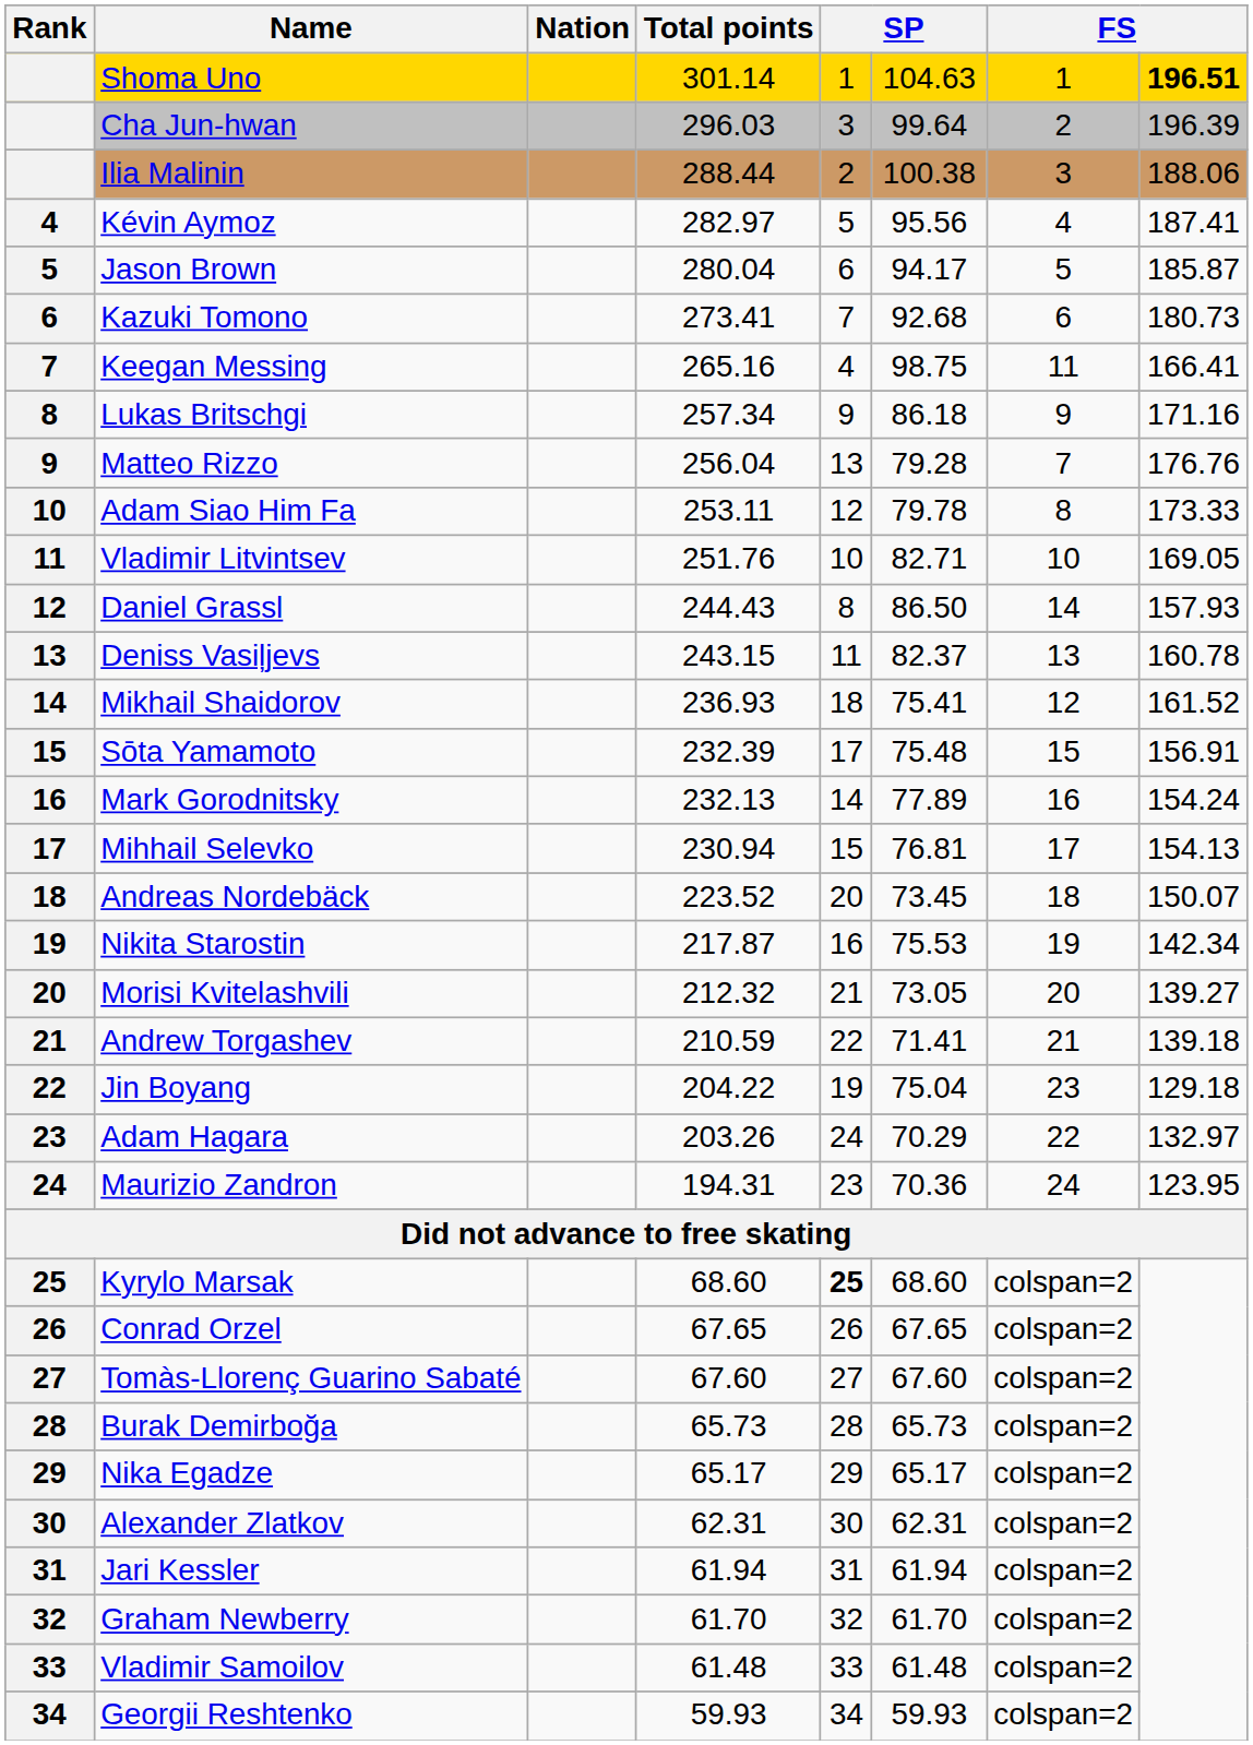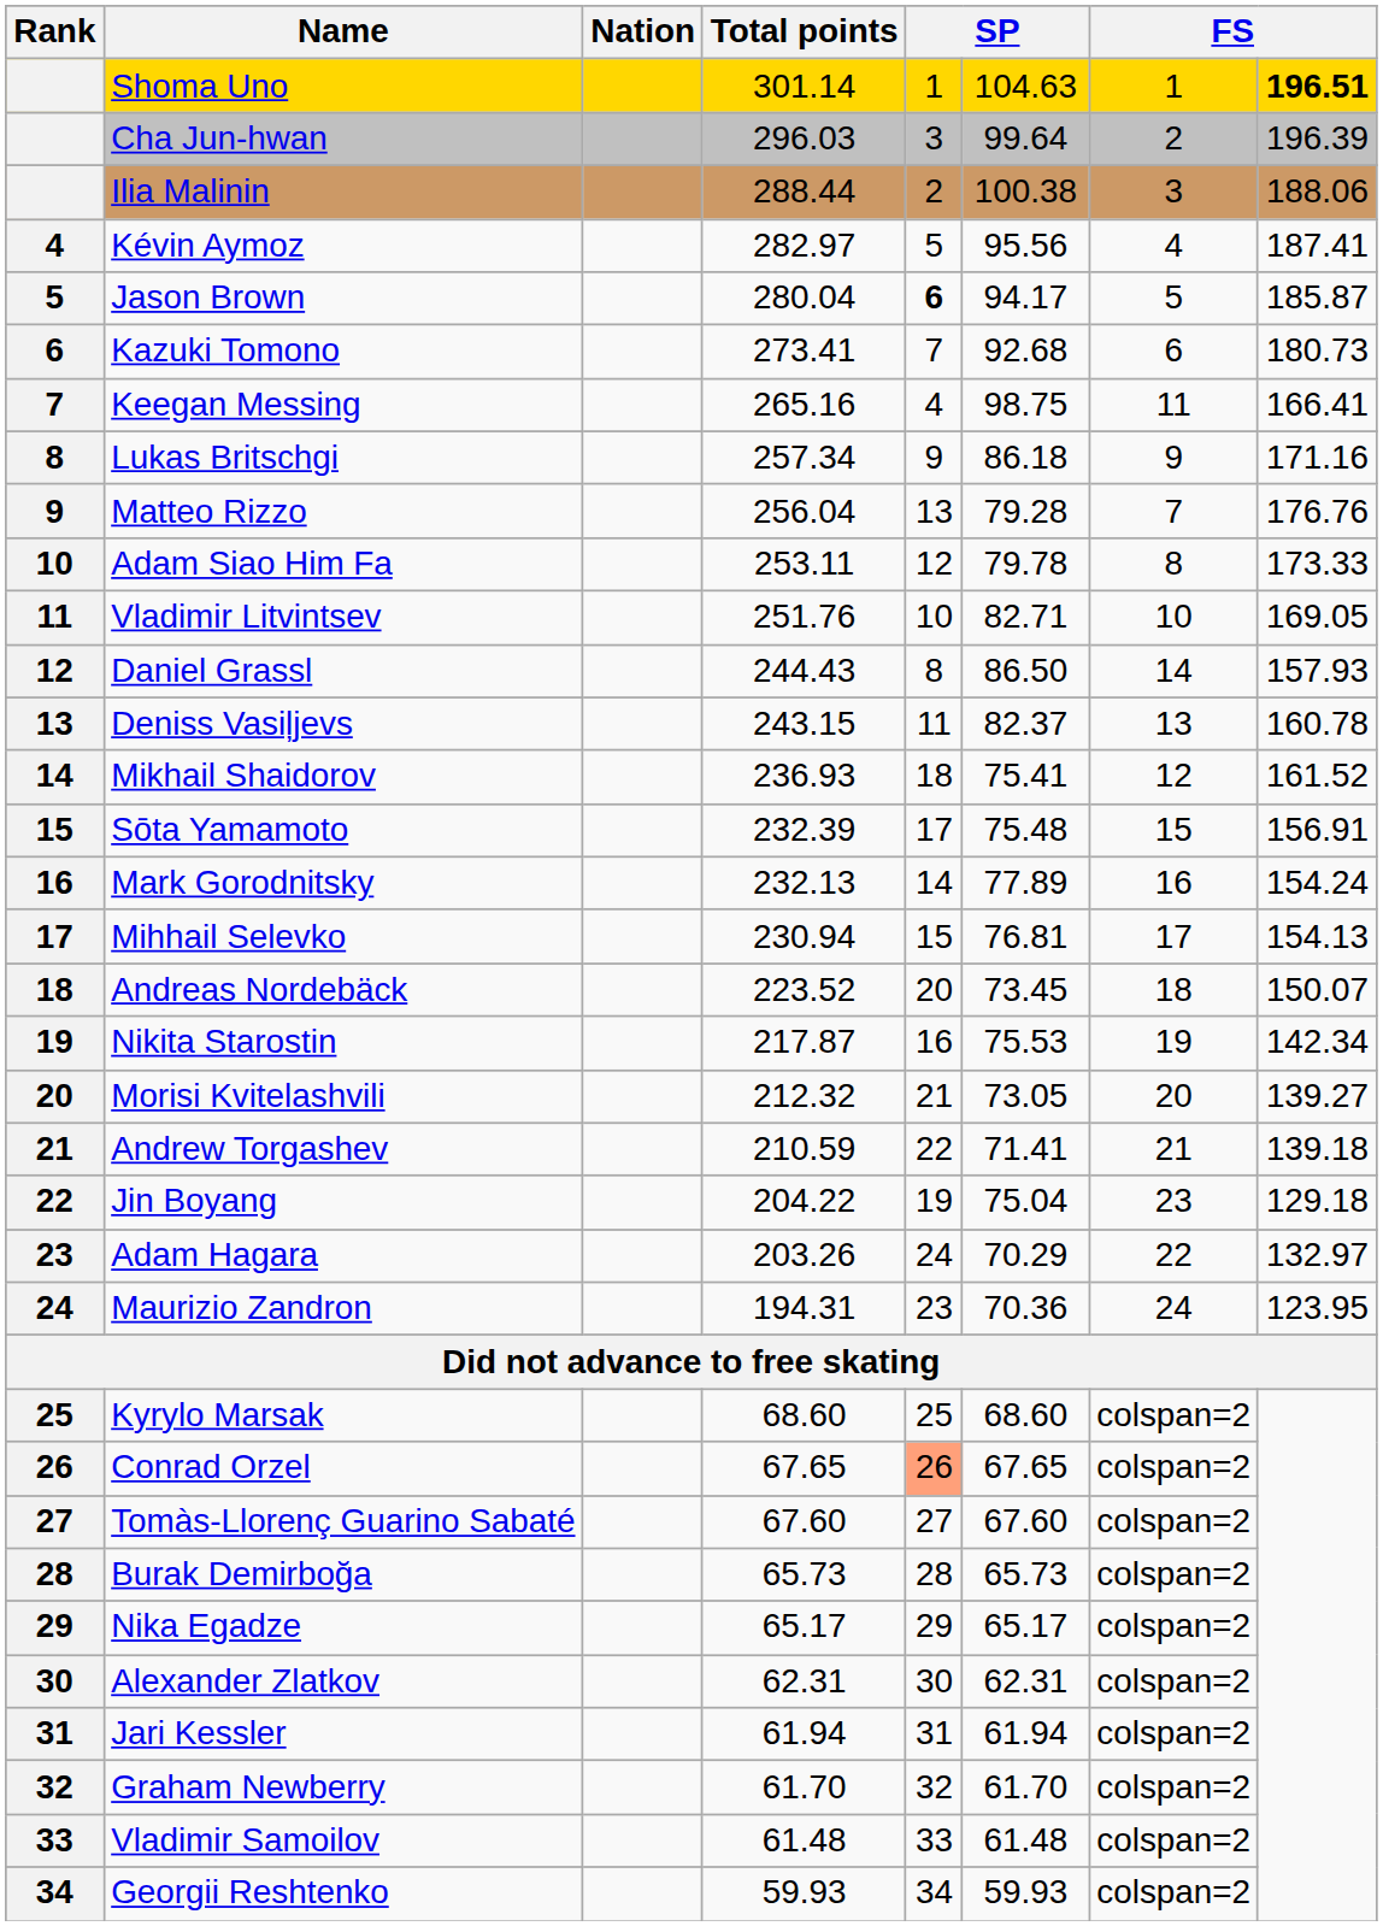 <table class="wikitable sortable" style="text-align:center">
 <tr>
 <th scope="col">Rank</th>
 <th scope="col">Name</th>
 <th scope="col">Nation</th>
 <th scope="col">Total points</th>
 <th colspan="2" width="80px"><a href='#'>SP</a></th>
 <th colspan="2" width="80px"><a href='#'>FS</a></th>
 </tr>
 <tr bgcolor="gold">
 <th scope="row"></th>
 <td style="text-align:left"><a href='#'>Shoma Uno</a></td>
 <td style="text-align:left"></td>
 <td align="center">301.14</td>
 <td align="center">1</td>
 <td align="center">104.63</td>
 <td align="center">1</td>
 <td align="center"><strong>196.51</strong></td>
 </tr>
 <tr bgcolor="silver">
 <th scope="row"></th>
 <td style="text-align:left"><a href='#'>Cha Jun-hwan</a></td>
 <td style="text-align:left"></td>
 <td align="center">296.03</td>
 <td align="center">3</td>
 <td align="center">99.64</td>
 <td align="center">2</td>
 <td align="center">196.39</td>
 </tr>
 <tr bgcolor="#cc9966">
 <th scope="row"></th>
 <td style="text-align:left"><a href='#'>Ilia Malinin</a></td>
 <td style="text-align:left"></td>
 <td align="center">288.44</td>
 <td align="center">2</td>
 <td align="center">100.38</td>
 <td align="center">3</td>
 <td align="center">188.06</td>
 </tr>
 <tr>
 <th scope="row">4</th>
 <td style="text-align:left"><a href='#'>Kévin Aymoz</a></td>
 <td style="text-align:left"></td>
 <td align="center">282.97</td>
 <td align="center">5</td>
 <td align="center">95.56</td>
 <td align="center">4</td>
 <td align="center">187.41</td>
 </tr>
 <tr>
 <th scope="row">5</th>
 <td style="text-align:left"><a href='#'>Jason Brown</a></td>
 <td style="text-align:left"></td>
 <td align="center">280.04</td>
-<td align="center">6</td>
+<td align="center"><strong>6</strong></td>
 <td align="center">94.17</td>
 <td align="center">5</td>
 <td align="center">185.87</td>
 </tr>
 <tr>
 <th scope="row">6</th>
 <td style="text-align:left"><a href='#'>Kazuki Tomono</a></td>
 <td style="text-align:left"></td>
 <td align="center">273.41</td>
 <td align="center">7</td>
 <td align="center">92.68</td>
 <td align="center">6</td>
 <td align="center">180.73</td>
 </tr>
 <tr>
 <th scope="row">7</th>
 <td style="text-align:left"><a href='#'>Keegan Messing</a></td>
 <td style="text-align:left"></td>
 <td align="center">265.16</td>
 <td align="center">4</td>
 <td align="center">98.75</td>
 <td align="center">11</td>
 <td align="center">166.41</td>
 </tr>
 <tr>
 <th scope="row">8</th>
 <td style="text-align:left"><a href='#'>Lukas Britschgi</a></td>
 <td style="text-align:left"></td>
 <td align="center">257.34</td>
 <td align="center">9</td>
 <td align="center">86.18</td>
 <td align="center">9</td>
 <td align="center">171.16</td>
 </tr>
 <tr>
 <th scope="row">9</th>
 <td style="text-align:left"><a href='#'>Matteo Rizzo</a></td>
 <td style="text-align:left"></td>
 <td align="center">256.04</td>
 <td align="center">13</td>
 <td align="center">79.28</td>
 <td align="center">7</td>
 <td align="center">176.76</td>
 </tr>
 <tr>
 <th scope="row">10</th>
 <td style="text-align:left"><a href='#'>Adam Siao Him Fa</a></td>
 <td style="text-align:left"></td>
 <td align="center">253.11</td>
 <td align="center">12</td>
 <td align="center">79.78</td>
 <td align="center">8</td>
 <td align="center">173.33</td>
 </tr>
 <tr>
 <th scope="row">11</th>
 <td style="text-align:left"><a href='#'>Vladimir Litvintsev</a></td>
 <td style="text-align:left"></td>
 <td align="center">251.76</td>
 <td align="center">10</td>
 <td align="center">82.71</td>
 <td align="center">10</td>
 <td align="center">169.05</td>
 </tr>
 <tr>
 <th scope="row">12</th>
 <td style="text-align:left"><a href='#'>Daniel Grassl</a></td>
 <td style="text-align:left"></td>
 <td align="center">244.43</td>
 <td align="center">8</td>
 <td align="center">86.50</td>
 <td align="center">14</td>
 <td align="center">157.93</td>
 </tr>
 <tr>
 <th scope="row">13</th>
 <td style="text-align:left"><a href='#'>Deniss Vasiļjevs</a></td>
 <td style="text-align:left"></td>
 <td align="center">243.15</td>
 <td align="center">11</td>
 <td align="center">82.37</td>
 <td align="center">13</td>
 <td align="center">160.78</td>
 </tr>
 <tr>
 <th scope="row">14</th>
 <td style="text-align:left"><a href='#'>Mikhail Shaidorov</a></td>
 <td style="text-align:left"></td>
 <td align="center">236.93</td>
 <td align="center">18</td>
 <td align="center">75.41</td>
 <td align="center">12</td>
 <td align="center">161.52</td>
 </tr>
 <tr>
 <th scope="row">15</th>
 <td style="text-align:left"><a href='#'>Sōta Yamamoto</a></td>
 <td style="text-align:left"></td>
 <td align="center">232.39</td>
 <td align="center">17</td>
 <td align="center">75.48</td>
 <td align="center">15</td>
 <td align="center">156.91</td>
 </tr>
 <tr>
 <th scope="row">16</th>
 <td style="text-align:left"><a href='#'>Mark Gorodnitsky</a></td>
 <td style="text-align:left"></td>
 <td align="center">232.13</td>
 <td align="center">14</td>
 <td align="center">77.89</td>
 <td align="center">16</td>
 <td align="center">154.24</td>
 </tr>
 <tr>
 <th scope="row">17</th>
 <td style="text-align:left"><a href='#'>Mihhail Selevko</a></td>
 <td style="text-align:left"></td>
 <td align="center">230.94</td>
 <td align="center">15</td>
 <td align="center">76.81</td>
 <td align="center">17</td>
 <td align="center">154.13</td>
 </tr>
 <tr>
 <th scope="row">18</th>
 <td style="text-align:left"><a href='#'>Andreas Nordebäck</a></td>
 <td style="text-align:left"></td>
 <td align="center">223.52</td>
 <td align="center">20</td>
 <td align="center">73.45</td>
 <td align="center">18</td>
 <td align="center">150.07</td>
 </tr>
 <tr>
 <th scope="row">19</th>
 <td style="text-align:left"><a href='#'>Nikita Starostin</a></td>
 <td style="text-align:left"></td>
 <td align="center">217.87</td>
 <td align="center">16</td>
 <td align="center">75.53</td>
 <td align="center">19</td>
 <td align="center">142.34</td>
 </tr>
 <tr>
 <th scope="row">20</th>
 <td style="text-align:left"><a href='#'>Morisi Kvitelashvili</a></td>
 <td style="text-align:left"></td>
 <td align="center">212.32</td>
 <td align="center">21</td>
 <td align="center">73.05</td>
 <td align="center">20</td>
 <td align="center">139.27</td>
 </tr>
 <tr>
 <th scope="row">21</th>
 <td style="text-align:left"><a href='#'>Andrew Torgashev</a></td>
 <td style="text-align:left"></td>
 <td align="center">210.59</td>
 <td align="center">22</td>
 <td align="center">71.41</td>
 <td align="center">21</td>
 <td align="center">139.18</td>
 </tr>
 <tr>
 <th scope="row">22</th>
 <td style="text-align:left"><a href='#'>Jin Boyang</a></td>
 <td style="text-align:left"></td>
 <td align="center">204.22</td>
 <td align="center">19</td>
 <td align="center">75.04</td>
 <td align="center">23</td>
 <td align="center">129.18</td>
 </tr>
 <tr>
 <th scope="row">23</th>
 <td style="text-align:left"><a href='#'>Adam Hagara</a></td>
 <td style="text-align:left"></td>
 <td align="center">203.26</td>
 <td align="center">24</td>
 <td align="center">70.29</td>
 <td align="center">22</td>
 <td align="center">132.97</td>
 </tr>
 <tr>
 <th scope="row">24</th>
 <td style="text-align:left"><a href='#'>Maurizio Zandron</a></td>
 <td style="text-align:left"></td>
 <td align="center">194.31</td>
 <td align="center">23</td>
 <td align="center">70.36</td>
 <td align="center">24</td>
 <td align="center">123.95</td>
 </tr>
 <tr>
 <th colspan=8>Did not advance to free skating</th>
 </tr>
 <tr>
 <th scope="row">25</th>
 <td style="text-align:left"><a href='#'>Kyrylo Marsak</a></td>
 <td style="text-align:left"></td>
 <td align="center">68.60</td>
-<td align="center"><strong>25</strong></td>
+<td align="center">25</td>
 <td align="center">68.60</td>
 <td>colspan=2 </td>
 </tr>
 <tr>
 <th scope="row">26</th>
 <td style="text-align:left"><a href='#'>Conrad Orzel</a></td>
 <td style="text-align:left"></td>
 <td align="center">67.65</td>
-<td align="center">26</td>
+<td align="center" style="background: lightsalmon;">26</td>
 <td align="center">67.65</td>
 <td>colspan=2 </td>
 </tr>
 <tr>
 <th scope="row">27</th>
 <td style="text-align:left"><a href='#'>Tomàs-Llorenç Guarino Sabaté</a></td>
 <td style="text-align:left"></td>
 <td align="center">67.60</td>
 <td align="center">27</td>
 <td align="center">67.60</td>
 <td>colspan=2 </td>
 </tr>
 <tr>
 <th scope="row">28</th>
 <td style="text-align:left"><a href='#'>Burak Demirboğa</a></td>
 <td style="text-align:left"></td>
 <td align="center">65.73</td>
 <td align="center">28</td>
 <td align="center">65.73</td>
 <td>colspan=2 </td>
 </tr>
 <tr>
 <th scope="row">29</th>
 <td style="text-align:left"><a href='#'>Nika Egadze</a></td>
 <td style="text-align:left"></td>
 <td align="center">65.17</td>
 <td align="center">29</td>
 <td align="center">65.17</td>
 <td>colspan=2 </td>
 </tr>
 <tr>
 <th scope="row">30</th>
 <td style="text-align:left"><a href='#'>Alexander Zlatkov</a></td>
 <td style="text-align:left"></td>
 <td align="center">62.31</td>
 <td align="center">30</td>
 <td align="center">62.31</td>
 <td>colspan=2 </td>
 </tr>
 <tr>
 <th scope="row">31</th>
 <td style="text-align:left"><a href='#'>Jari Kessler</a></td>
 <td style="text-align:left"></td>
 <td align="center">61.94</td>
 <td align="center">31</td>
 <td align="center">61.94</td>
 <td>colspan=2 </td>
 </tr>
 <tr>
 <th scope="row">32</th>
 <td style="text-align:left"><a href='#'>Graham Newberry</a></td>
 <td style="text-align:left"></td>
 <td align="center">61.70</td>
 <td align="center">32</td>
 <td align="center">61.70</td>
 <td>colspan=2 </td>
 </tr>
 <tr>
 <th scope="row">33</th>
 <td style="text-align:left"><a href='#'>Vladimir Samoilov</a></td>
 <td style="text-align:left"></td>
 <td align="center">61.48</td>
 <td align="center">33</td>
 <td align="center">61.48</td>
 <td>colspan=2 </td>
 </tr>
 <tr>
 <th scope="row">34</th>
 <td style="text-align:left"><a href='#'>Georgii Reshtenko</a></td>
 <td style="text-align:left"></td>
 <td align="center">59.93</td>
 <td align="center">34</td>
 <td align="center">59.93</td>
 <td>colspan=2 </td>
 </tr>
 </table>
